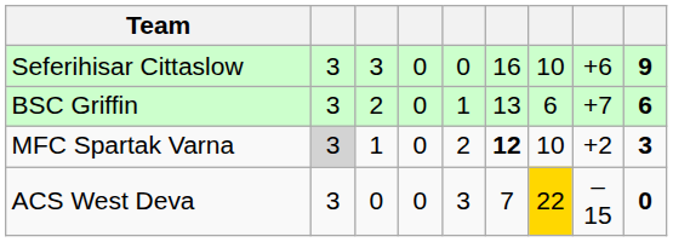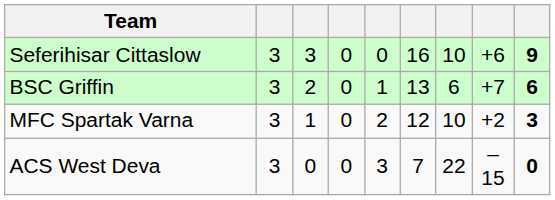 <table class="wikitable" style="text-align: center;">
 <tr>
 <th width="185">Team</th>
 <th width="20"></th>
 <th width="20"></th>
 <th width="20"></th>
 <th width="20"></th>
 <th width="20"></th>
 <th width="20"></th>
 <th width="25"></th>
 <th width="20"></th>
 </tr>
 <tr bgcolor=#ccffcc>
 <td align=left> Seferihisar Cittaslow</td>
 <td>3</td>
 <td>3</td>
 <td>0</td>
 <td>0</td>
 <td>16</td>
 <td>10</td>
 <td>+6</td>
 <td><strong>9</strong></td>
 </tr>
 <tr bgcolor=#ccffcc>
 <td align=left> BSC Griffin</td>
 <td>3</td>
 <td>2</td>
 <td>0</td>
 <td>1</td>
 <td>13</td>
 <td>6</td>
 <td>+7</td>
 <td><strong>6</strong></td>
 </tr>
 <tr>
 <td align=left> MFC Spartak Varna</td>
-<td style="background: lightgrey;">3</td>
+<td>3</td>
 <td>1</td>
 <td>0</td>
 <td>2</td>
-<td><strong>12</strong></td>
+<td>12</td>
 <td>10</td>
 <td>+2</td>
 <td><strong>3</strong></td>
 </tr>
 <tr>
 <td align=left> ACS West Deva</td>
 <td>3</td>
 <td>0</td>
 <td>0</td>
 <td>3</td>
 <td>7</td>
-<td style="background: gold;">22</td>
+<td>22</td>
 <td>–15</td>
 <td><strong>0</strong></td>
 </tr>
 </table>
